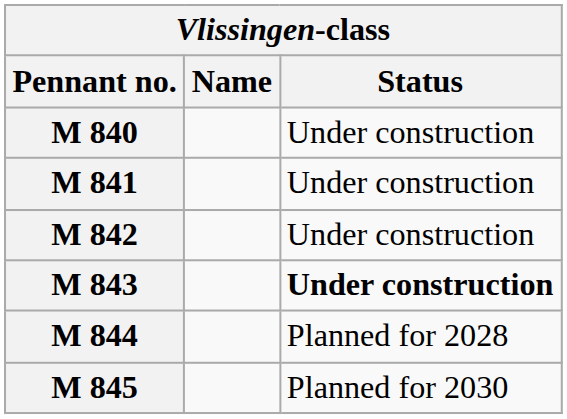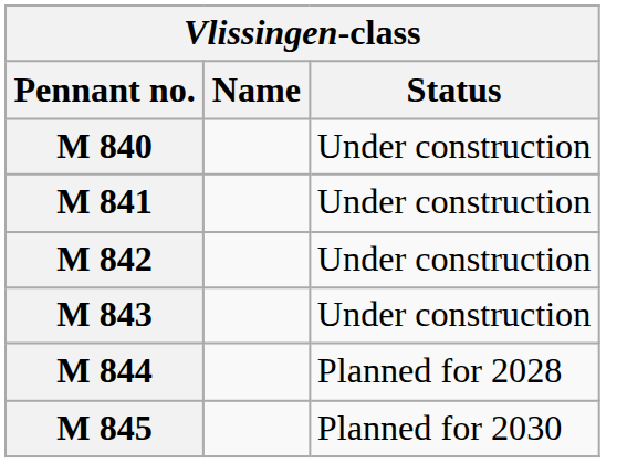 <table class="wikitable plainrowheaders">
 <tr>
 <th colspan=3><em>Vlissingen</em>-class</th>
 </tr>
 <tr>
 <th scope="col">Pennant no.</th>
 <th scope="col">Name</th>
 <th scope="col">Status</th>
 </tr>
 <tr>
 <th scope="row">M 840</th>
 <td></td>
 <td>Under construction </td>
 </tr>
 <tr>
 <th scope="row">M 841</th>
 <td></td>
 <td>Under construction</td>
 </tr>
 <tr>
 <th scope="row">M 842</th>
 <td></td>
 <td>Under construction</td>
 </tr>
 <tr>
 <th scope="row">M 843</th>
 <td></td>
-<td><strong>Under construction</strong></td>
+<td>Under construction</td>
 </tr>
 <tr>
 <th scope="row">M 844</th>
 <td></td>
 <td>Planned for 2028</td>
 </tr>
 <tr>
 <th scope="row">M 845</th>
 <td></td>
 <td>Planned for 2030</td>
 </tr>
 </table>
